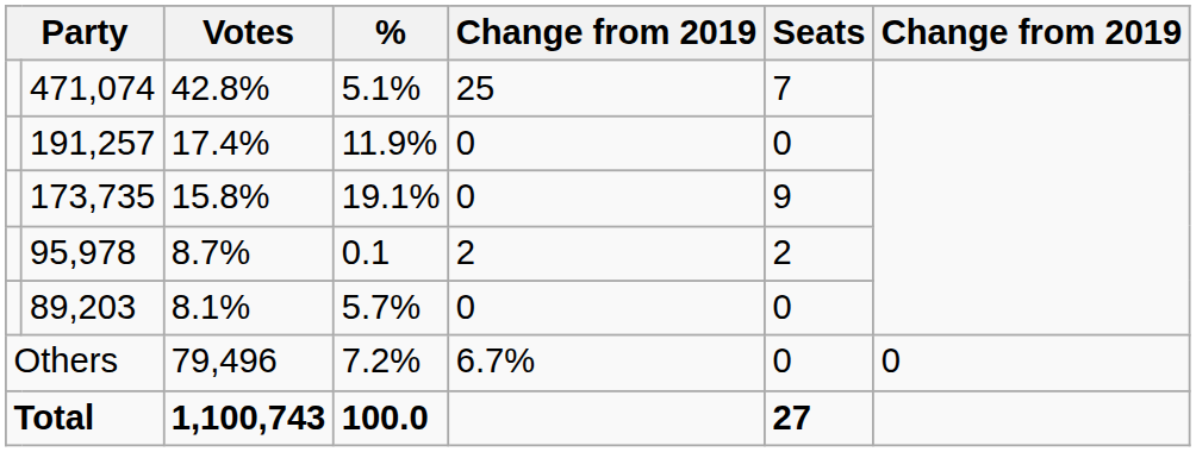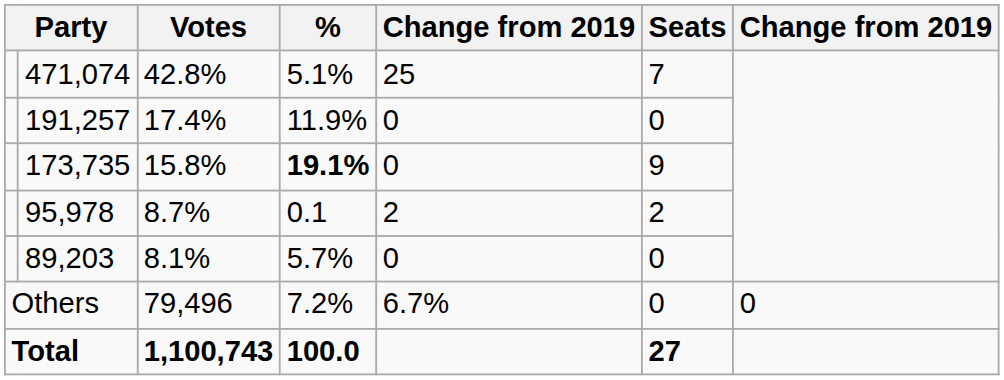 <table class="wikitable">
 <tr>
 <th colspan=2>Party</th>
 <th>Votes</th>
 <th>%</th>
 <th>Change from 2019</th>
 <th>Seats</th>
 <th>Change from 2019</th>
 </tr>
 <tr>
 <td></td>
 <td>471,074</td>
 <td>42.8%</td>
 <td>5.1%</td>
 <td>25</td>
 <td>7</td>
 </tr>
 <tr>
 <td></td>
 <td>191,257</td>
 <td>17.4%</td>
 <td>11.9%</td>
 <td>0</td>
 <td>0</td>
 </tr>
 <tr>
 <td></td>
 <td>173,735</td>
 <td>15.8%</td>
-<td>19.1%</td>
+<td><strong>19.1%</strong></td>
 <td>0</td>
 <td>9</td>
 </tr>
 <tr>
 <td></td>
 <td>95,978</td>
 <td>8.7%</td>
 <td>0.1</td>
 <td>2</td>
 <td>2</td>
 </tr>
 <tr>
 <td></td>
 <td>89,203</td>
 <td>8.1%</td>
 <td>5.7%</td>
 <td>0</td>
 <td>0</td>
 </tr>
 <tr>
 <td colspan=2>Others</td>
 <td>79,496</td>
 <td>7.2%</td>
 <td>6.7%</td>
 <td>0</td>
 <td>0</td>
 </tr>
 <tr>
 <td colspan=2><strong>Total</strong></td>
 <td><strong>1,100,743</strong></td>
 <td><strong>100.0</strong></td>
 <td></td>
 <td><strong>27</strong></td>
 <td></td>
 </tr>
 </table>
